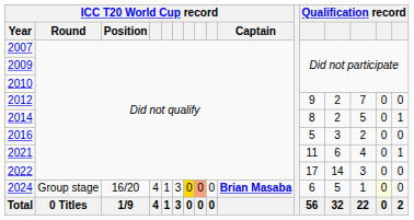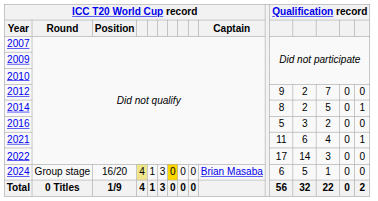 <table class="wikitable" style="text-align: center;">
 <tr>
 <th colspan=10><a href='#'>ICC T20 World Cup</a> record</th>
 <th rowspan="14"></th>
 <th colspan=5><a href='#'>Qualification</a> record</th>
 </tr>
 <tr>
 <th scope="col">Year</th>
 <th scope="col">Round</th>
 <th scope="col">Position</th>
 <th scope="col"></th>
 <th scope="col"></th>
 <th scope="col"></th>
 <th scope="col"></th>
 <th scope="col"></th>
 <th scope="col"></th>
 <th scope="col">Captain</th>
 <th scope="col"></th>
 <th scope="col"></th>
 <th scope="col"></th>
 <th scope="col"></th>
 <th scope="col"></th>
 </tr>
 <tr>
 <td> <a href='#'>2007</a></td>
 <td colspan="9" rowspan="8"><em>Did not qualify</em></td>
 <td colspan="5" rowspan=3><em>Did not participate</em></td>
 </tr>
 <tr>
 <td> <a href='#'>2009</a></td>
 </tr>
 <tr>
 <td> <a href='#'>2010</a></td>
 </tr>
 <tr>
 <td> <a href='#'>2012</a></td>
 <td>9</td>
 <td>2</td>
 <td>7</td>
 <td>0</td>
 <td>0</td>
 </tr>
 <tr>
 <td> <a href='#'>2014</a></td>
 <td>8</td>
 <td>2</td>
 <td>5</td>
 <td>0</td>
 <td>1</td>
 </tr>
 <tr>
 <td> <a href='#'>2016</a></td>
 <td>5</td>
 <td>3</td>
 <td>2</td>
 <td>0</td>
 <td>0</td>
 </tr>
 <tr>
 <td>  <a href='#'>2021</a></td>
 <td>11</td>
 <td>6</td>
 <td>4</td>
 <td>0</td>
 <td>1</td>
 </tr>
 <tr>
 <td> <a href='#'>2022</a></td>
 <td>17</td>
 <td>14</td>
 <td>3</td>
 <td>0</td>
 <td>0</td>
 </tr>
 <tr>
 <td>  <a href='#'>2024</a></td>
 <td>Group stage</td>
 <td>16/20</td>
-<td>4</td>
+<td style="background: khaki;">4</td>
 <td>1</td>
 <td>3</td>
 <td style="background: gold;">0</td>
-<td style="background: lightsalmon;">0</td>
 <td>0</td>
-<td><strong><a href='#'>Brian Masaba</a></strong></td>
+<td>0</td>
+<td><a href='#'>Brian Masaba</a></td>
 <td>6</td>
 <td>5</td>
 <td>1</td>
-<td style="background: lightyellow;">0</td>
+<td>0</td>
 <td>0</td>
 </tr>
 <tr>
 <th><strong>Total</strong></th>
 <th><strong>0 Titles</strong></th>
 <th><strong>1/9</strong></th>
 <th><strong>4</strong></th>
 <th><strong>1</strong></th>
 <th><strong>3</strong></th>
 <th><strong>0</strong></th>
 <th><strong>0</strong></th>
 <th><strong>0</strong></th>
 <th></th>
 <th><strong>56</strong></th>
 <th><strong>32</strong></th>
 <th><strong>22</strong></th>
 <th><strong>0</strong></th>
 <th><strong>2</strong></th>
 </tr>
 </table>
